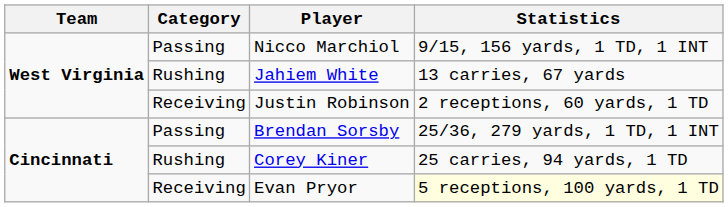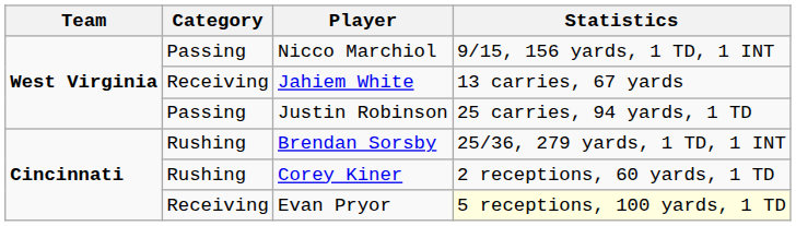 <table class="wikitable" style="float: right;">
 <tr>
 <th>Team</th>
 <th>Category</th>
 <th>Player</th>
 <th>Statistics</th>
 </tr>
 <tr>
 <td rowspan=3><strong>West Virginia</strong></td>
 <td>Passing</td>
 <td>Nicco Marchiol</td>
 <td>9/15, 156 yards, 1 TD, 1 INT</td>
 </tr>
 <tr>
-<td>Rushing</td>
+<td>Receiving</td>
 <td><a href='#'>Jahiem White</a></td>
 <td>13 carries, 67 yards</td>
 </tr>
 <tr>
-<td>Receiving</td>
+<td>Passing</td>
 <td>Justin Robinson</td>
-<td>2 receptions, 60 yards, 1 TD</td>
+<td>25 carries, 94 yards, 1 TD</td>
 </tr>
 <tr>
 <td rowspan=3><strong>Cincinnati</strong></td>
-<td>Passing</td>
+<td>Rushing</td>
 <td><a href='#'>Brendan Sorsby</a></td>
 <td>25/36, 279 yards, 1 TD, 1 INT</td>
 </tr>
 <tr>
 <td>Rushing</td>
 <td><a href='#'>Corey Kiner</a></td>
-<td>25 carries, 94 yards, 1 TD</td>
+<td>2 receptions, 60 yards, 1 TD</td>
 </tr>
 <tr>
 <td>Receiving</td>
 <td>Evan Pryor</td>
 <td style="background: lightyellow;">5 receptions, 100 yards, 1 TD</td>
 </tr>
 </table>
